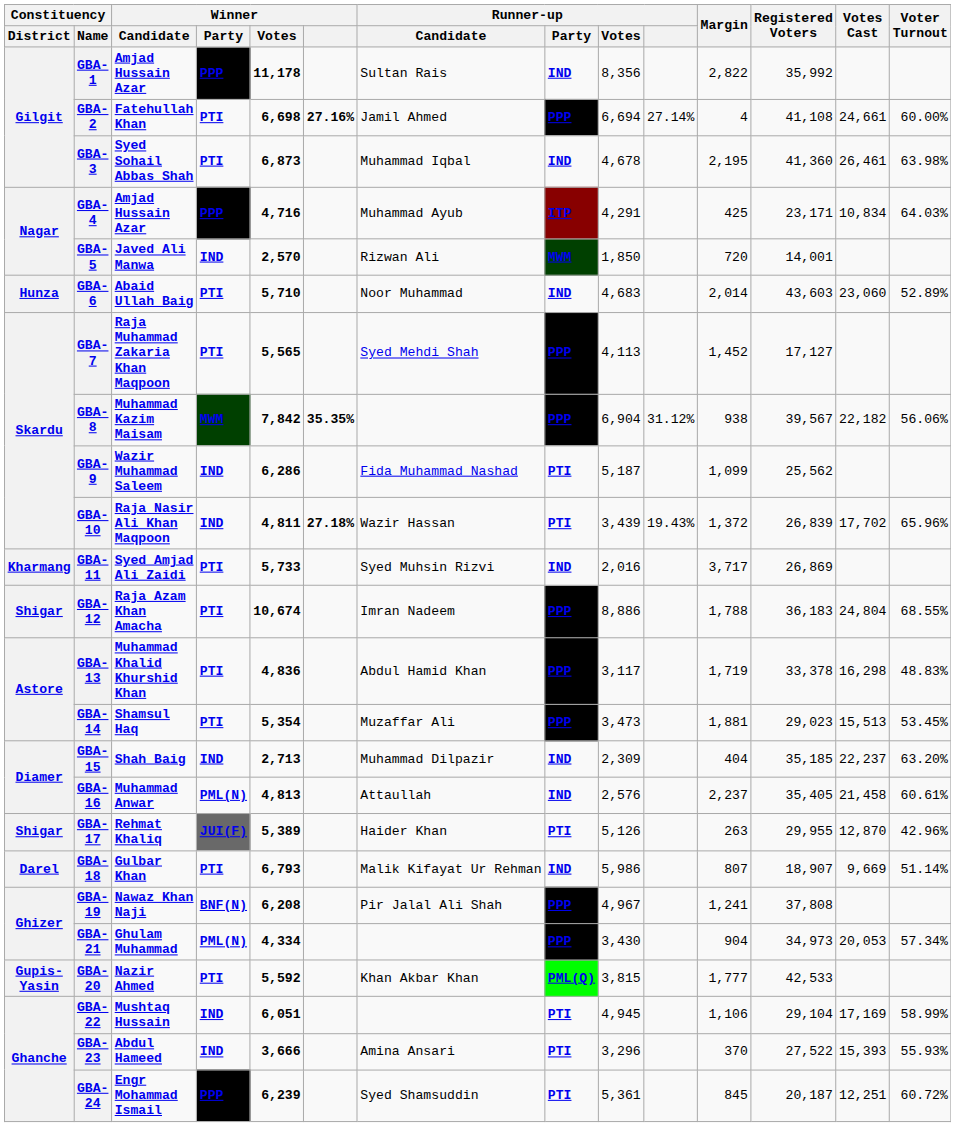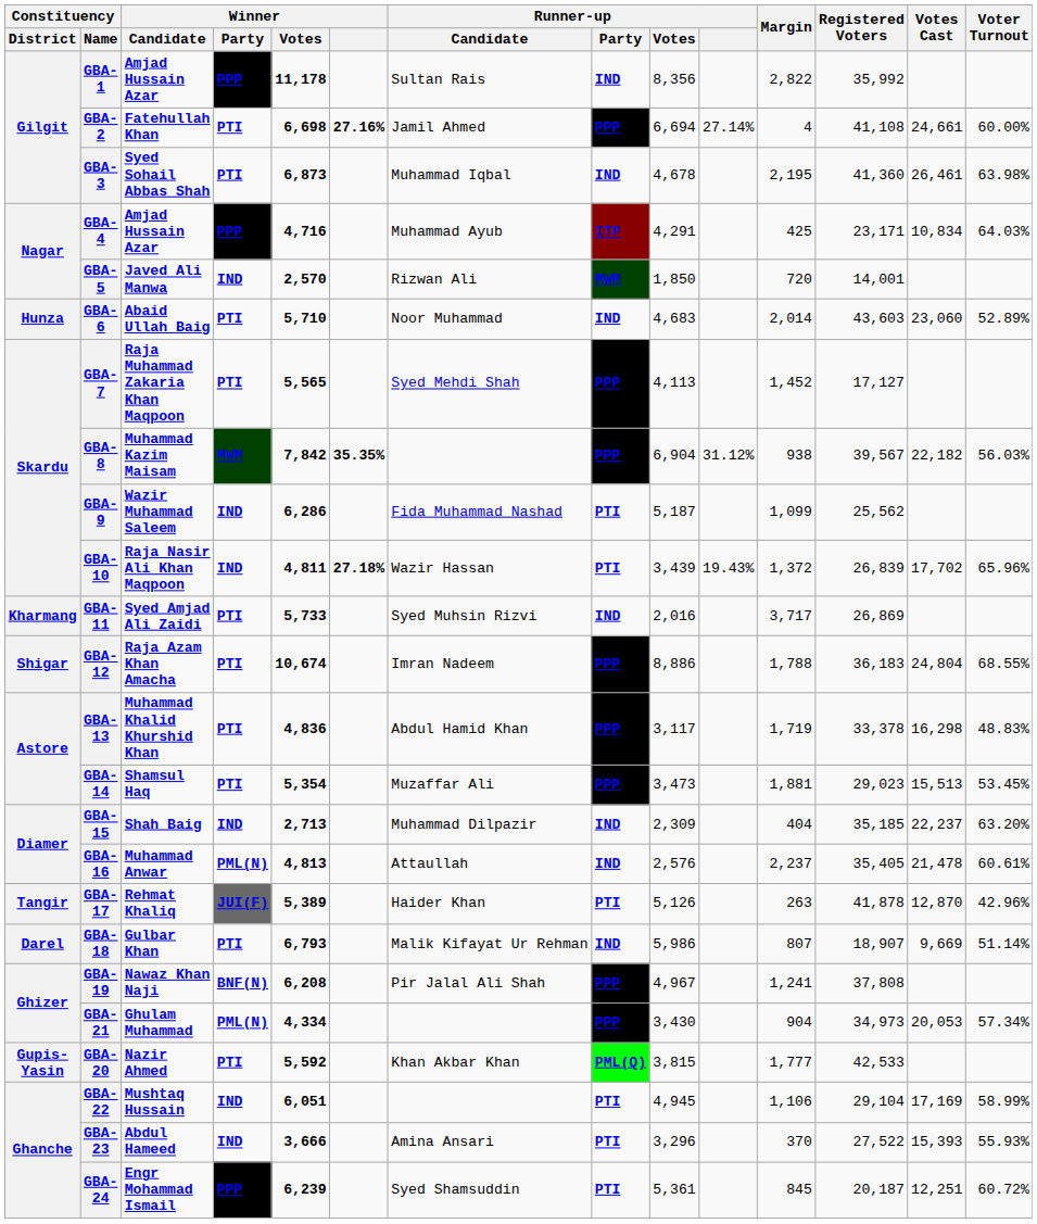 <table class="wikitable sortable">
 <tr>
 <th colspan="2">Constituency</th>
 <th colspan="4">Winner</th>
 <th colspan="4">Runner-up</th>
 <th data-sort-type=number rowspan="2">Margin</th>
 <th data-sort-type=number rowspan="2">Registered<br>Voters</th>
 <th data-sort-type=number rowspan="2">Votes<br>Cast</th>
 <th data-sort-type=number rowspan="2">Voter<br>Turnout</th>
 </tr>
 <tr>
 <th>District</th>
 <th>Name</th>
 <th>Candidate</th>
 <th>Party</th>
 <th data-sort-type=number>Votes</th>
 <th data-sort-type=number></th>
 <th>Candidate</th>
 <th>Party</th>
 <th data-sort-type=number>Votes</th>
 <th data-sort-type=number></th>
 </tr>
 <tr>
 <th rowspan="3"><strong><a href='#'>Gilgit</a></strong></th>
 <th><a href='#'>GBA-1</a></th>
 <td><strong><a href='#'>Amjad Hussain Azar</a></strong></td>
 <td style = "background:black;"><strong><a href='#'><span>PPP</span></a></strong></td>
 <td align = "right"><strong>11,178</strong></td>
 <td align = "right"></td>
 <td>Sultan Rais</td>
 <td style="background:"><strong><a href='#'>IND</a></strong></td>
 <td align = "right">8,356</td>
 <td align = "right"></td>
 <td align = "right">2,822</td>
 <td align = "right">35,992</td>
 <td align = "right"></td>
 <td align = "right"></td>
 </tr>
 <tr>
 <th><a href='#'>GBA-2</a></th>
 <td><strong><a href='#'>Fatehullah Khan</a></strong></td>
 <td style="background:"><strong><a href='#'><span>PTI</span></a></strong></td>
 <td align = "right"><strong>6,698</strong></td>
 <td align = "right"><strong>27.16%</strong></td>
 <td>Jamil Ahmed</td>
 <td style = "background:black;"><strong><a href='#'><span>PPP</span></a></strong></td>
 <td align = "right">6,694</td>
 <td align = "right">27.14%</td>
 <td align = "right">4</td>
 <td align = "right">41,108</td>
 <td align = "right">24,661</td>
 <td align = "right">60.00%</td>
 </tr>
 <tr>
 <th><a href='#'>GBA-3</a></th>
 <td><strong><a href='#'>Syed Sohail Abbas Shah</a></strong></td>
 <td style="background:"><strong><a href='#'><span>PTI</span></a></strong></td>
 <td align = "right"><strong>6,873</strong></td>
 <td align = "right"></td>
 <td>Muhammad Iqbal</td>
 <td style="background:"><strong><a href='#'>IND</a></strong></td>
 <td align = "right">4,678</td>
 <td align = "right"></td>
 <td align = "right">2,195</td>
 <td align = "right">41,360</td>
 <td align = "right">26,461</td>
 <td align = "right">63.98%</td>
 </tr>
 <tr>
 <th rowspan="2"><strong><a href='#'>Nagar</a></strong></th>
 <th><a href='#'>GBA-4</a></th>
 <td><strong><a href='#'>Amjad Hussain Azar</a></strong></td>
 <td style = "background:black;"><strong><a href='#'><span>PPP</span></a></strong></td>
 <td align = "right"><strong>4,716</strong></td>
 <td align = "right"></td>
 <td>Muhammad Ayub</td>
 <td style = "background:#880000;"><strong><a href='#'><span>ITP</span></a></strong></td>
 <td align = "right">4,291</td>
 <td align = "right"></td>
 <td align = "right">425</td>
 <td align = "right">23,171</td>
 <td align = "right">10,834</td>
 <td align = "right">64.03%</td>
 </tr>
 <tr>
 <th><a href='#'>GBA-5</a></th>
 <td><strong><a href='#'>Javed Ali Manwa</a></strong></td>
 <td style="background:"><strong><a href='#'>IND</a></strong></td>
 <td align = "right"><strong>2,570</strong></td>
 <td align = "right"></td>
 <td>Rizwan Ali</td>
 <td style = "background:#004000;"><strong><a href='#'><span>MWM</span></a></strong></td>
 <td align = "right">1,850</td>
 <td align = "right"></td>
 <td align = "right">720</td>
 <td align = "right">14,001</td>
 <td align = "right"></td>
 <td align = "right"></td>
 </tr>
 <tr>
 <th><strong><a href='#'>Hunza</a></strong></th>
 <th><a href='#'>GBA-6</a></th>
 <td><strong><a href='#'>Abaid Ullah Baig</a></strong></td>
 <td style="background:"><strong><a href='#'><span>PTI</span></a></strong></td>
 <td align = "right"><strong>5,710</strong></td>
 <td align = "right"></td>
 <td>Noor Muhammad</td>
 <td style="background:"><strong><a href='#'>IND</a></strong></td>
 <td align = "right">4,683</td>
 <td align = "right"></td>
 <td align = "right">2,014</td>
 <td align = "right">43,603</td>
 <td align = "right">23,060</td>
 <td align = "right">52.89%</td>
 </tr>
 <tr>
 <th rowspan="4"><strong><a href='#'>Skardu</a></strong></th>
 <th><a href='#'>GBA-7</a></th>
 <td><strong><a href='#'>Raja Muhammad Zakaria Khan Maqpoon</a></strong></td>
 <td style="background:"><strong><a href='#'><span>PTI</span></a></strong></td>
 <td align = "right"><strong>5,565</strong></td>
 <td align = "right"></td>
 <td><a href='#'>Syed Mehdi Shah</a></td>
 <td style = "background:black;"><strong><a href='#'><span>PPP</span></a></strong></td>
 <td align = "right">4,113</td>
 <td align = "right"></td>
 <td align = "right">1,452</td>
 <td align = "right">17,127</td>
 <td align = "right"></td>
 <td align = "right"></td>
 </tr>
 <tr>
 <th><a href='#'>GBA-8</a></th>
 <td><strong><a href='#'>Muhammad Kazim Maisam</a></strong></td>
 <td style = "background:#004000;"><strong><a href='#'><span>MWM</span></a></strong></td>
 <td align = "right"><strong>7,842</strong></td>
 <td align = "right"><strong>35.35%</strong></td>
 <td></td>
 <td style = "background:black;"><strong><a href='#'><span>PPP</span></a></strong></td>
 <td align = "right">6,904</td>
 <td align = "right">31.12%</td>
 <td align = "right">938</td>
 <td align = "right">39,567</td>
 <td align = "right">22,182</td>
-<td align = "right">56.06%</td>
+<td align = "right">56.03%</td>
 </tr>
 <tr>
 <th><a href='#'>GBA-9</a></th>
 <td><strong><a href='#'>Wazir Muhammad Saleem</a></strong></td>
 <td style="background:"><strong><a href='#'>IND</a></strong></td>
 <td align = "right"><strong>6,286</strong></td>
 <td align = "right"></td>
 <td><a href='#'>Fida Muhammad Nashad</a></td>
 <td style="background:"><strong><a href='#'><span>PTI</span></a></strong></td>
 <td align = "right">5,187</td>
 <td align = "right"></td>
 <td align = "right">1,099</td>
 <td align = "right">25,562</td>
 <td align = "right"></td>
 <td align = "right"></td>
 </tr>
 <tr>
 <th><a href='#'>GBA-10</a></th>
 <td><strong><a href='#'>Raja Nasir Ali Khan Maqpoon</a></strong></td>
 <td style="background:"><strong><a href='#'>IND</a></strong></td>
 <td align = "right"><strong>4,811</strong></td>
 <td align = "right"><strong>27.18%</strong></td>
 <td>Wazir Hassan</td>
 <td style="background:"><strong><a href='#'><span>PTI</span></a></strong></td>
 <td align = "right">3,439</td>
 <td align = "right">19.43%</td>
 <td align = "right">1,372</td>
 <td align = "right">26,839</td>
 <td align = "right">17,702</td>
 <td align = "right">65.96%</td>
 </tr>
 <tr>
 <th><strong><a href='#'>Kharmang</a></strong></th>
 <th><a href='#'>GBA-11</a></th>
 <td><strong><a href='#'>Syed Amjad Ali Zaidi</a></strong></td>
 <td style="background:"><strong><a href='#'><span>PTI</span></a></strong></td>
 <td align = "right"><strong>5,733</strong></td>
 <td align = "right"></td>
 <td>Syed Muhsin Rizvi</td>
 <td style="background:"><strong><a href='#'>IND</a></strong></td>
 <td align = "right">2,016</td>
 <td align = "right"></td>
 <td align = "right">3,717</td>
 <td align = "right">26,869</td>
 <td align = "right"></td>
 <td align = "right"></td>
 </tr>
 <tr>
 <th><strong><a href='#'>Shigar</a></strong></th>
 <th><a href='#'>GBA-12</a></th>
 <td><strong><a href='#'>Raja Azam Khan Amacha</a></strong></td>
 <td style="background:"><strong><a href='#'><span>PTI</span></a></strong></td>
 <td align = "right"><strong>10,674</strong></td>
 <td align = "right"></td>
 <td>Imran Nadeem</td>
 <td style = "background:black;"><strong><a href='#'><span>PPP</span></a></strong></td>
 <td align = "right">8,886</td>
 <td align = "right"></td>
 <td align = "right">1,788</td>
 <td align = "right">36,183</td>
 <td align = "right">24,804</td>
 <td align = "right">68.55%</td>
 </tr>
 <tr>
 <th rowspan="2"><strong><a href='#'>Astore</a></strong></th>
 <th><a href='#'>GBA-13</a></th>
 <td><strong><a href='#'>Muhammad Khalid Khurshid Khan</a></strong></td>
 <td style="background:"><strong><a href='#'><span>PTI</span></a></strong></td>
 <td align = "right"><strong>4,836</strong></td>
 <td align = "right"></td>
 <td>Abdul Hamid Khan</td>
 <td style = "background:black;"><strong><a href='#'><span>PPP</span></a></strong></td>
 <td align = "right">3,117</td>
 <td align = "right"></td>
 <td align = "right">1,719</td>
 <td align = "right">33,378</td>
 <td align = "right">16,298</td>
 <td align = "right">48.83%</td>
 </tr>
 <tr>
 <th><a href='#'>GBA-14</a></th>
 <td><strong><a href='#'>Shamsul Haq</a></strong></td>
 <td style="background:"><strong><a href='#'><span>PTI</span></a></strong></td>
 <td align = "right"><strong>5,354</strong></td>
 <td align = "right"></td>
 <td>Muzaffar Ali</td>
 <td style = "background:black;"><strong><a href='#'><span>PPP</span></a></strong></td>
 <td align = "right">3,473</td>
 <td align = "right"></td>
 <td align = "right">1,881</td>
 <td align = "right">29,023</td>
 <td align = "right">15,513</td>
 <td align = "right">53.45%</td>
 </tr>
 <tr>
 <th rowspan="2"><a href='#'><strong>Diamer</strong></a></th>
 <th><a href='#'>GBA-15</a></th>
 <td><strong><a href='#'>Shah Baig</a></strong></td>
 <td style="background:"><strong><a href='#'>IND</a></strong></td>
 <td align = "right"><strong>2,713</strong></td>
 <td align = "right"></td>
 <td>Muhammad Dilpazir</td>
 <td style="background:"><strong><a href='#'>IND</a></strong></td>
 <td align = "right">2,309</td>
 <td align = "right"></td>
 <td align = "right">404</td>
 <td align = "right">35,185</td>
 <td align = "right">22,237</td>
 <td align = "right">63.20%</td>
 </tr>
 <tr>
 <th><a href='#'>GBA-16</a></th>
 <td><strong><a href='#'>Muhammad Anwar</a></strong></td>
 <td style="background:"><strong><a href='#'><span>PML(N)</span></a></strong></td>
 <td align = "right"><strong>4,813</strong></td>
 <td align = "right"></td>
 <td>Attaullah</td>
 <td style="background:"><strong><a href='#'>IND</a></strong></td>
 <td align = "right">2,576</td>
 <td align = "right"></td>
 <td align = "right">2,237</td>
 <td align = "right">35,405</td>
-<td align = "right">21,458</td>
+<td align = "right">21,478</td>
 <td align = "right">60.61%</td>
 </tr>
 <tr>
-<th><strong><a href='#'>Shigar</a></strong></th>
+<th rowspan="1"><a href='#'><strong>Tangir</strong></a></th>
 <th><a href='#'>GBA-17</a></th>
 <td><strong><a href='#'>Rehmat Khaliq</a></strong></td>
 <td style = "background:#696969;"><strong><a href='#'><span>JUI(F)</span></a></strong></td>
 <td align = "right"><strong>5,389</strong></td>
 <td align = "right"></td>
 <td>Haider Khan</td>
 <td style="background:"><strong><a href='#'><span>PTI</span></a></strong></td>
 <td align = "right">5,126</td>
 <td align = "right"></td>
 <td align = "right">263</td>
-<td align = "right">29,955</td>
+<td align = "right">41,878</td>
 <td align = "right">12,870</td>
 <td align = "right">42.96%</td>
 </tr>
 <tr>
 <th rowspan="1"><a href='#'><strong>Darel</strong></a></th>
 <th><a href='#'>GBA-18</a></th>
 <td><strong><a href='#'>Gulbar Khan</a></strong></td>
 <td style="background:"><strong><a href='#'><span>PTI</span></a></strong></td>
 <td align = "right"><strong>6,793</strong></td>
 <td align = "right"></td>
 <td>Malik Kifayat Ur Rehman</td>
 <td style="background:"><strong><a href='#'>IND</a></strong></td>
 <td align = "right">5,986</td>
 <td align = "right"></td>
 <td align = "right">807</td>
 <td align = "right">18,907</td>
 <td align = "right">9,669</td>
 <td align = "right">51.14%</td>
 </tr>
 <tr>
 <th rowspan="2"><a href='#'><strong>Ghizer</strong></a></th>
 <th><a href='#'>GBA-19</a></th>
 <td><strong><a href='#'>Nawaz Khan Naji</a></strong></td>
 <td style="background:"><strong><a href='#'><span>BNF(N)</span></a></strong><br><strong></strong></td>
 <td align = "right"><strong>6,208</strong></td>
 <td align = "right"></td>
 <td>Pir Jalal Ali Shah</td>
 <td style = "background:black;"><strong><a href='#'><span>PPP</span></a></strong></td>
 <td align = "right">4,967</td>
 <td align = "right"></td>
 <td align = "right">1,241</td>
 <td align = "right">37,808</td>
 <td align = "right"></td>
 <td align = "right"></td>
 </tr>
 <tr>
 <th><a href='#'>GBA-21</a></th>
 <td><strong><a href='#'>Ghulam Muhammad</a></strong></td>
 <td style="background:"><strong><a href='#'><span>PML(N)</span></a></strong></td>
 <td align = "right"><strong>4,334</strong></td>
 <td align = "right"></td>
 <td></td>
 <td style = "background:black;"><strong><a href='#'><span>PPP</span></a></strong></td>
 <td align = "right">3,430</td>
 <td align = "right"></td>
 <td align = "right">904</td>
 <td align = "right">34,973</td>
 <td align = "right">20,053</td>
 <td align = "right">57.34%</td>
 </tr>
 <tr>
 <th rowspan="1"><a href='#'><strong>Gupis-Yasin</strong></a></th>
 <th><a href='#'>GBA-20</a></th>
 <td><strong><a href='#'>Nazir Ahmed</a></strong></td>
 <td style="background:"><strong><a href='#'><span>PTI</span></a></strong></td>
 <td align = "right"><strong>5,592</strong></td>
 <td align = "right"></td>
 <td>Khan Akbar Khan</td>
 <td style = "background:lime;"><strong><a href='#'>PML(Q)</a></strong></td>
 <td align = "right">3,815</td>
 <td align = "right"></td>
 <td align = "right">1,777</td>
 <td align = "right">42,533</td>
 <td align = "right"></td>
 <td align = "right"></td>
 </tr>
 <tr>
 <th rowspan="3"><strong><a href='#'>Ghanche</a></strong></th>
 <th><a href='#'>GBA-22</a></th>
 <td><strong><a href='#'>Mushtaq Hussain</a></strong></td>
 <td style="background:"><strong><a href='#'>IND</a></strong></td>
 <td align = "right"><strong>6,051</strong></td>
 <td align = "right"></td>
 <td></td>
 <td style="background:"><strong><a href='#'><span>PTI</span></a></strong></td>
 <td align = "right">4,945</td>
 <td align = "right"></td>
 <td align = "right">1,106</td>
 <td align = "right">29,104</td>
 <td align = "right">17,169</td>
 <td align = "right">58.99%</td>
 </tr>
 <tr>
 <th><a href='#'>GBA-23</a></th>
 <td><strong><a href='#'>Abdul Hameed</a></strong></td>
 <td style="background:"><strong><a href='#'>IND</a></strong></td>
 <td align = "right"><strong>3,666</strong></td>
 <td align = "right"></td>
 <td>Amina Ansari</td>
 <td style="background:"><strong><a href='#'><span>PTI</span></a></strong></td>
 <td align = "right">3,296</td>
 <td align = "right"></td>
 <td align = "right">370</td>
 <td align = "right">27,522</td>
 <td align = "right">15,393</td>
 <td align = "right">55.93%</td>
 </tr>
 <tr>
 <th><a href='#'>GBA-24</a></th>
 <td><strong><a href='#'>Engr Mohammad Ismail</a></strong></td>
 <td style = "background:black;"><strong><a href='#'><span>PPP</span></a></strong></td>
 <td align = "right"><strong>6,239</strong></td>
 <td align = "right"></td>
 <td>Syed Shamsuddin</td>
 <td style="background:"><strong><a href='#'><span>PTI</span></a></strong></td>
 <td align = "right">5,361</td>
 <td align = "right"></td>
 <td align = "right">845</td>
 <td align = "right">20,187</td>
 <td align = "right">12,251</td>
 <td align = "right">60.72%</td>
 </tr>
 </table>
